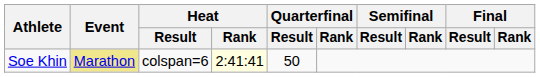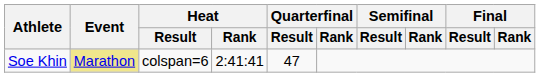 <table class="wikitable" style="font-size:90%">
 <tr>
 <th rowspan="2">Athlete</th>
 <th rowspan="2">Event</th>
 <th colspan="2">Heat</th>
 <th colspan="2">Quarterfinal</th>
 <th colspan="2">Semifinal</th>
 <th colspan="2">Final</th>
 </tr>
 <tr style="font-size:95%">
 <th>Result</th>
 <th>Rank</th>
 <th>Result</th>
 <th>Rank</th>
 <th>Result</th>
 <th>Rank</th>
 <th>Result</th>
 <th>Rank</th>
 </tr>
 <tr align=center>
 <td align=left><a href='#'>Soe Khin</a></td>
 <td align=left style="background: khaki;"><a href='#'>Marathon</a></td>
 <td>colspan=6 </td>
-<td style="background: lightyellow;">2:41:41</td>
-<td>50</td>
+<td>2:41:41</td>
+<td>47</td>
 </tr>
 </table>
